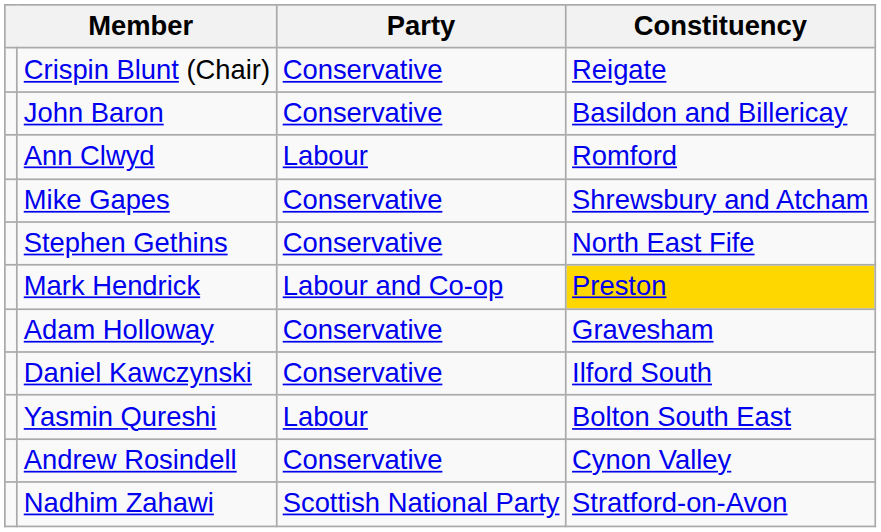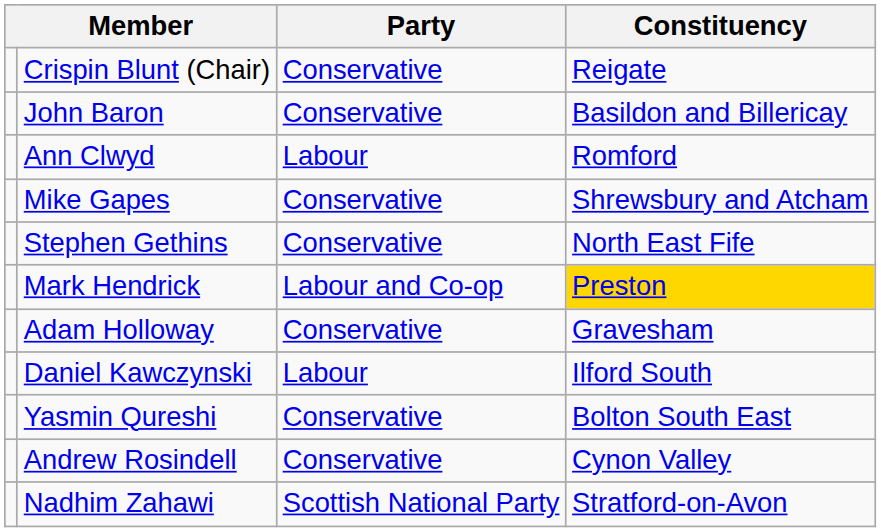 <table class="wikitable">
 <tr>
 <th colspan="2" valign="top">Member</th>
 <th valign="top">Party</th>
 <th valign="top">Constituency</th>
 </tr>
 <tr>
 <td style="color:inherit;background:"></td>
 <td><a href='#'>Crispin Blunt</a> (Chair)</td>
 <td><a href='#'>Conservative</a></td>
 <td><a href='#'>Reigate</a></td>
 </tr>
 <tr>
 <td style="color:inherit;background:"></td>
 <td><a href='#'>John Baron</a></td>
 <td><a href='#'>Conservative</a></td>
 <td><a href='#'>Basildon and Billericay</a></td>
 </tr>
 <tr>
 <td style="color:inherit;background:"></td>
 <td><a href='#'>Ann Clwyd</a></td>
 <td><a href='#'>Labour</a></td>
 <td><a href='#'>Romford</a></td>
 </tr>
 <tr>
 <td style="color:inherit;background:"></td>
 <td><a href='#'>Mike Gapes</a></td>
 <td><a href='#'>Conservative</a></td>
 <td><a href='#'>Shrewsbury and Atcham</a></td>
 </tr>
 <tr>
 <td style="color:inherit;background:"></td>
 <td><a href='#'>Stephen Gethins</a></td>
 <td><a href='#'>Conservative</a></td>
 <td><a href='#'>North East Fife</a></td>
 </tr>
 <tr>
 <td style="color:inherit;background:"></td>
 <td><a href='#'>Mark Hendrick</a></td>
 <td><a href='#'>Labour and Co-op</a></td>
 <td style="background: gold;"><a href='#'>Preston</a></td>
 </tr>
 <tr>
 <td style="color:inherit;background:"></td>
 <td><a href='#'>Adam Holloway</a></td>
 <td><a href='#'>Conservative</a></td>
 <td><a href='#'>Gravesham</a></td>
 </tr>
 <tr>
 <td style="color:inherit;background:"></td>
 <td><a href='#'>Daniel Kawczynski</a></td>
-<td><a href='#'>Conservative</a></td>
+<td><a href='#'>Labour</a></td>
 <td><a href='#'>Ilford South</a></td>
 </tr>
 <tr>
 <td style="color:inherit;background:"></td>
 <td><a href='#'>Yasmin Qureshi</a></td>
-<td><a href='#'>Labour</a></td>
+<td><a href='#'>Conservative</a></td>
 <td><a href='#'>Bolton South East</a></td>
 </tr>
 <tr>
 <td style="color:inherit;background:"></td>
 <td><a href='#'>Andrew Rosindell</a></td>
 <td><a href='#'>Conservative</a></td>
 <td><a href='#'>Cynon Valley</a></td>
 </tr>
 <tr>
 <td style="color:inherit;background:"></td>
 <td><a href='#'>Nadhim Zahawi</a></td>
 <td><a href='#'>Scottish National Party</a></td>
 <td><a href='#'>Stratford-on-Avon</a></td>
 </tr>
 </table>
